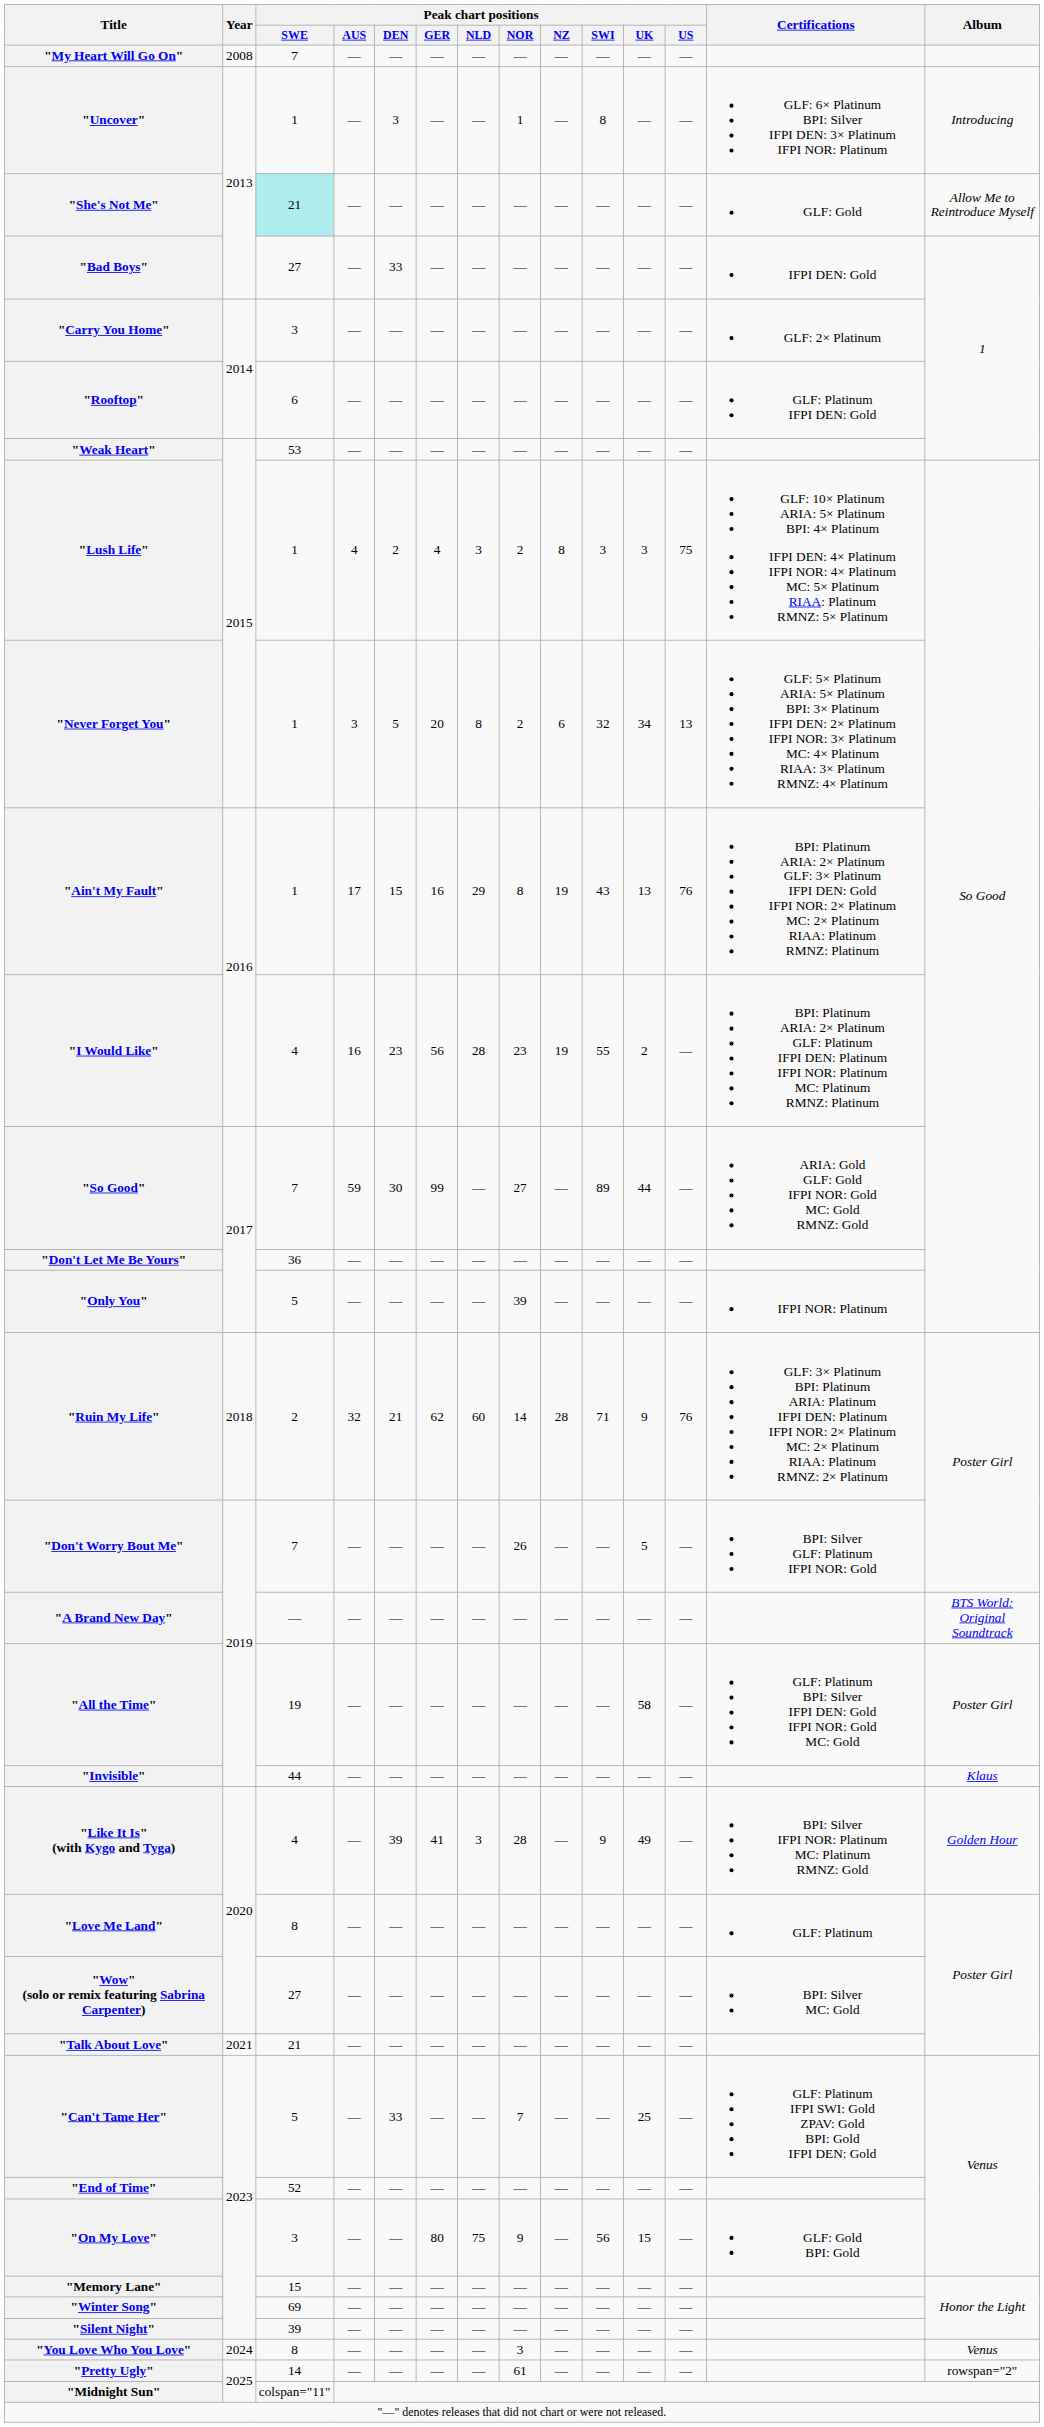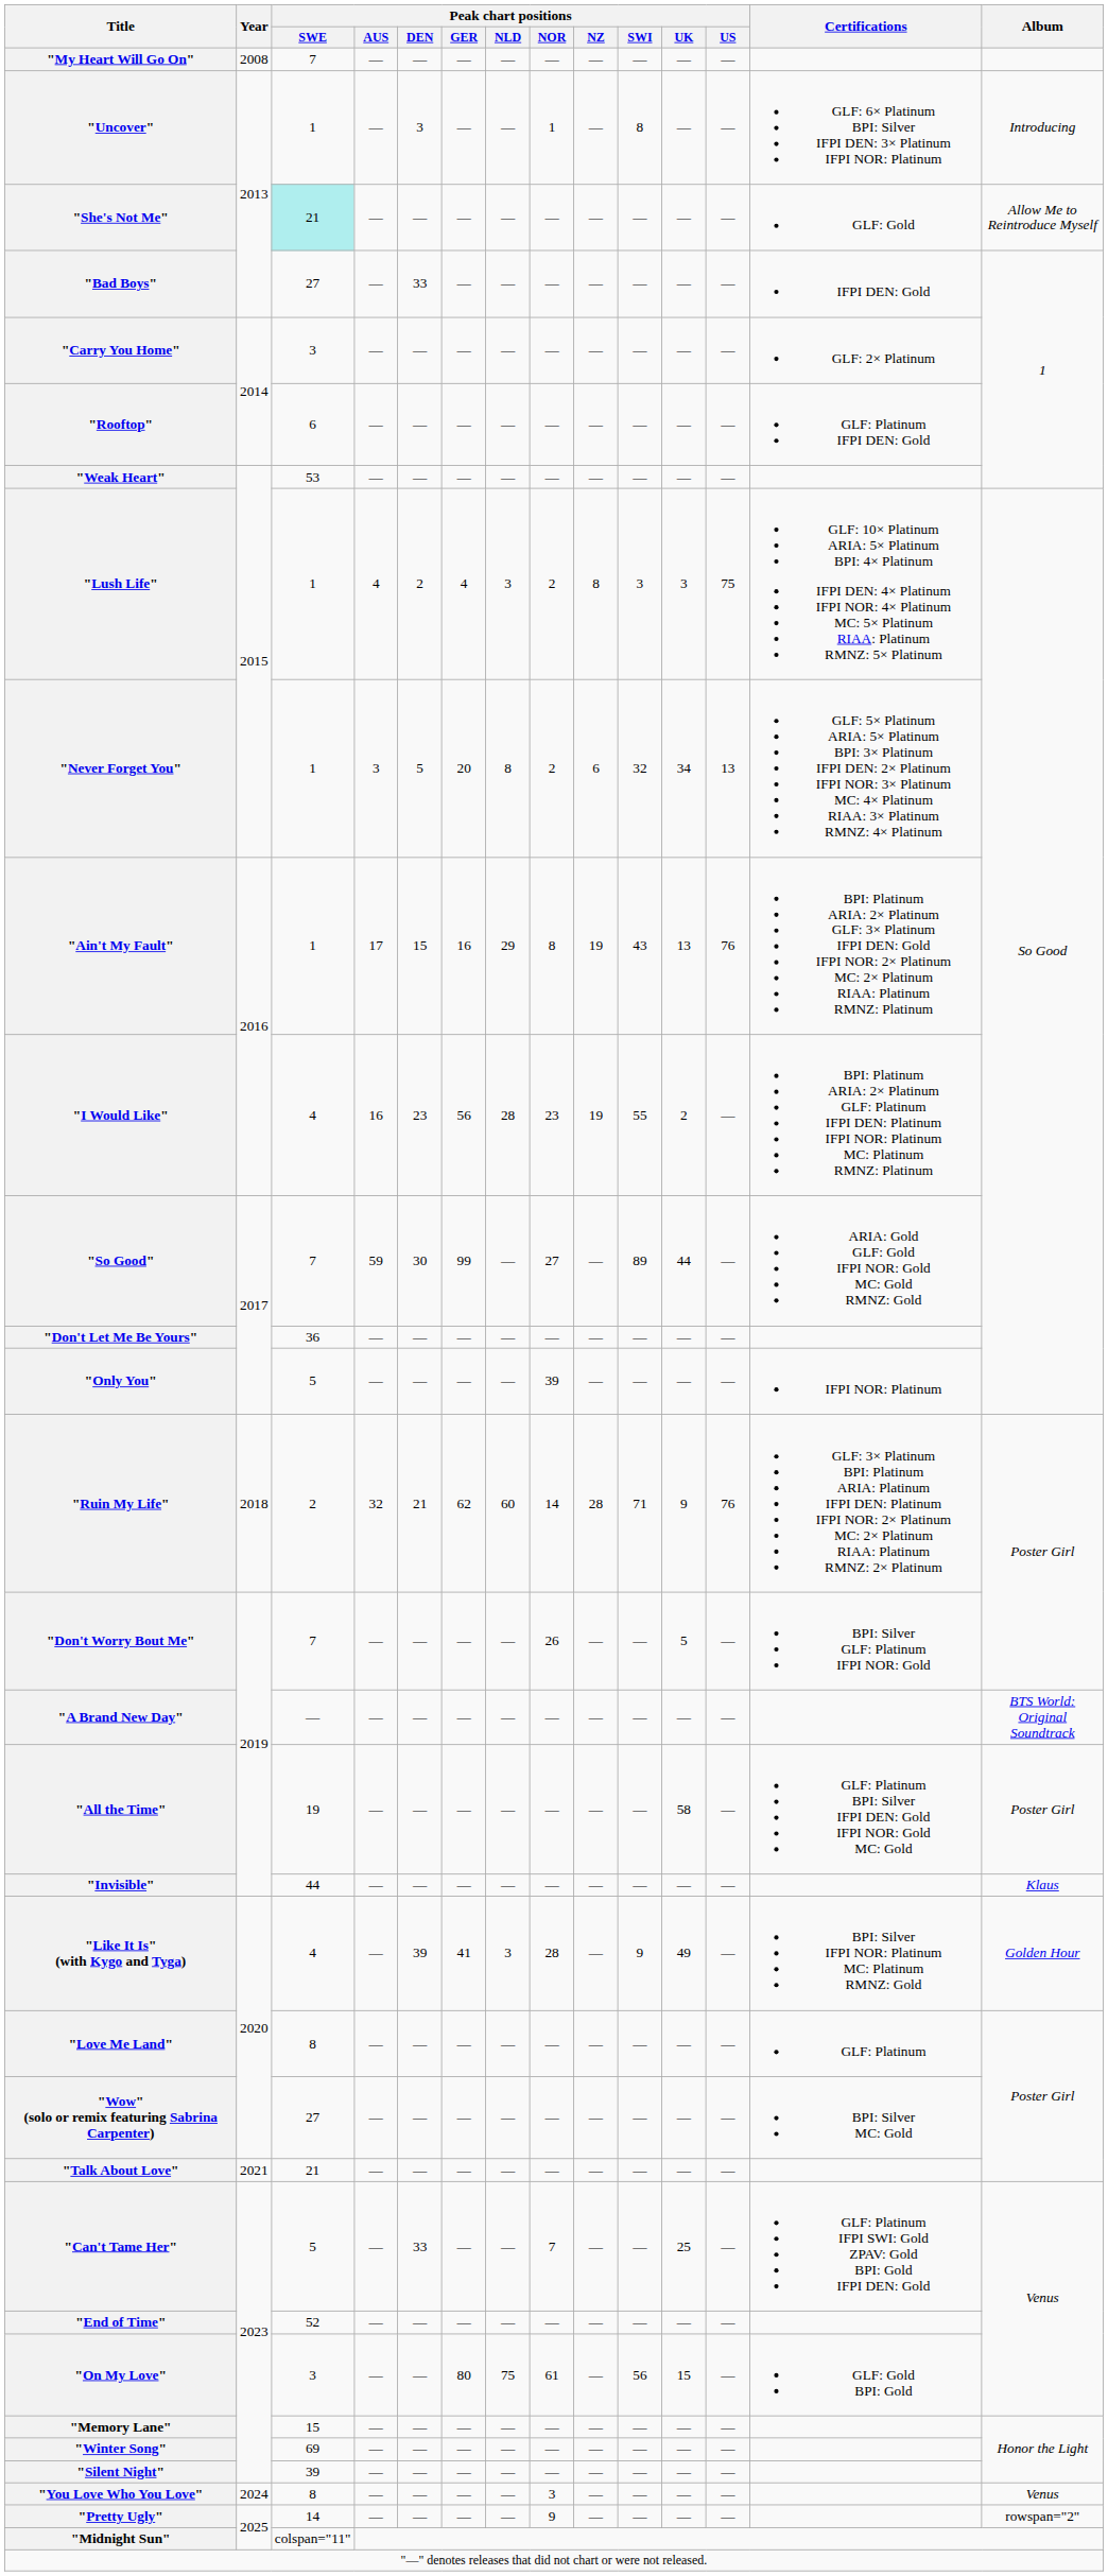 <table class="wikitable plainrowheaders" style="text-align:center;">
 <tr>
 <th scope="col" rowspan="2" style="width:16em;">Title</th>
 <th scope="col" rowspan="2" style="width:1em;">Year</th>
 <th scope="col" colspan="10">Peak chart positions</th>
 <th scope="col" rowspan="2"style="width:16em;"><a href='#'>Certifications</a></th>
 <th scope="col" rowspan="2">Album</th>
 </tr>
 <tr>
 <th scope="col" style="width:3em;font-size:90%;"><a href='#'>SWE</a><br></th>
 <th scope="col" style="width:3em;font-size:90%;"><a href='#'>AUS</a><br></th>
 <th scope="col" style="width:3em;font-size:90%;"><a href='#'>DEN</a><br></th>
 <th scope="col" style="width:3em;font-size:90%;"><a href='#'>GER</a><br></th>
 <th scope="col" style="width:3em;font-size:90%;"><a href='#'>NLD</a><br></th>
 <th scope="col" style="width:3em;font-size:90%;"><a href='#'>NOR</a><br></th>
 <th scope="col" style="width:3em;font-size:90%;"><a href='#'>NZ</a><br></th>
 <th scope="col" style="width:3em;font-size:90%;"><a href='#'>SWI</a><br></th>
 <th scope="col" style="width:3em;font-size:90%;"><a href='#'>UK</a><br></th>
 <th scope="col" style="width:3em;font-size:90%;"><a href='#'>US</a><br></th>
 </tr>
 <tr>
 <th scope="row">"<a href='#'>My Heart Will Go On</a>"</th>
 <td>2008</td>
 <td>7</td>
 <td>—</td>
 <td>—</td>
 <td>—</td>
 <td>—</td>
 <td>—</td>
 <td>—</td>
 <td>—</td>
 <td>—</td>
 <td>—</td>
 <td></td>
 <td></td>
 </tr>
 <tr>
 <th scope="row">"<a href='#'>Uncover</a>"</th>
 <td rowspan="3">2013</td>
 <td>1</td>
 <td>—</td>
 <td>3</td>
 <td>—</td>
 <td>—</td>
 <td>1</td>
 <td>—</td>
 <td>8</td>
 <td>—</td>
 <td>—</td>
 <td><br><ul><li>GLF: 6× Platinum</li><li>BPI: Silver</li><li>IFPI DEN: 3× Platinum</li><li>IFPI NOR: Platinum</li></ul></td>
 <td><em>Introducing</em></td>
 </tr>
 <tr>
 <th scope="row">"<a href='#'>She's Not Me</a>"</th>
 <td style="background: paleturquoise;">21</td>
 <td>—</td>
 <td>—</td>
 <td>—</td>
 <td>—</td>
 <td>—</td>
 <td>—</td>
 <td>—</td>
 <td>—</td>
 <td>—</td>
 <td><br><ul><li>GLF: Gold</li></ul></td>
 <td><em>Allow Me to Reintroduce Myself</em></td>
 </tr>
 <tr>
 <th scope="row">"<a href='#'>Bad Boys</a>"</th>
 <td>27</td>
 <td>—</td>
 <td>33</td>
 <td>—</td>
 <td>—</td>
 <td>—</td>
 <td>—</td>
 <td>—</td>
 <td>—</td>
 <td>—</td>
 <td><br><ul><li>IFPI DEN: Gold</li></ul></td>
 <td rowspan="4"><em>1</em></td>
 </tr>
 <tr>
 <th scope="row">"<a href='#'>Carry You Home</a>"</th>
 <td rowspan="2">2014</td>
 <td>3</td>
 <td>—</td>
 <td>—</td>
 <td>—</td>
 <td>—</td>
 <td>—</td>
 <td>—</td>
 <td>—</td>
 <td>—</td>
 <td>—</td>
 <td><br><ul><li>GLF: 2× Platinum</li></ul></td>
 </tr>
 <tr>
 <th scope="row">"<a href='#'>Rooftop</a>"</th>
 <td>6</td>
 <td>—</td>
 <td>—</td>
 <td>—</td>
 <td>—</td>
 <td>—</td>
 <td>—</td>
 <td>—</td>
 <td>—</td>
 <td>—</td>
 <td><br><ul><li>GLF: Platinum</li><li>IFPI DEN: Gold</li></ul></td>
 </tr>
 <tr>
 <th scope="row">"<a href='#'>Weak Heart</a>"</th>
 <td rowspan="3">2015</td>
 <td>53</td>
 <td>—</td>
 <td>—</td>
 <td>—</td>
 <td>—</td>
 <td>—</td>
 <td>—</td>
 <td>—</td>
 <td>—</td>
 <td>—</td>
 <td></td>
 </tr>
 <tr>
 <th scope="row">"<a href='#'>Lush Life</a>"</th>
 <td>1</td>
 <td>4</td>
 <td>2</td>
 <td>4</td>
 <td>3</td>
 <td>2</td>
 <td>8</td>
 <td>3</td>
 <td>3</td>
 <td>75</td>
 <td><br><ul><li>GLF: 10× Platinum</li><li>ARIA: 5× Platinum</li><li>BPI: 4× Platinum</li></ul><ul><li>IFPI DEN: 4× Platinum</li><li>IFPI NOR: 4× Platinum</li><li>MC: 5× Platinum</li><li><a href='#'>RIAA</a>: Platinum</li><li>RMNZ: 5× Platinum</li></ul></td>
 <td rowspan="7"><em>So Good</em></td>
 </tr>
 <tr>
 <th scope="row">"<a href='#'>Never Forget You</a>" <br></th>
 <td>1</td>
 <td>3</td>
 <td>5</td>
 <td>20</td>
 <td>8</td>
 <td>2</td>
 <td>6</td>
 <td>32</td>
 <td>34</td>
 <td>13</td>
 <td><br><ul><li>GLF: 5× Platinum</li><li>ARIA: 5× Platinum</li><li>BPI: 3× Platinum</li><li>IFPI DEN: 2× Platinum</li><li>IFPI NOR: 3× Platinum</li><li>MC: 4× Platinum</li><li>RIAA: 3× Platinum</li><li>RMNZ: 4× Platinum</li></ul></td>
 </tr>
 <tr>
 <th scope="row">"<a href='#'>Ain't My Fault</a>"</th>
 <td rowspan="2">2016</td>
 <td>1</td>
 <td>17</td>
 <td>15</td>
 <td>16</td>
 <td>29</td>
 <td>8</td>
 <td>19</td>
 <td>43</td>
 <td>13</td>
 <td>76</td>
 <td><br><ul><li>BPI: Platinum</li><li>ARIA: 2× Platinum</li><li>GLF: 3× Platinum</li><li>IFPI DEN: Gold</li><li>IFPI NOR: 2× Platinum</li><li>MC: 2× Platinum</li><li>RIAA: Platinum</li><li>RMNZ: Platinum</li></ul></td>
 </tr>
 <tr>
 <th scope="row">"<a href='#'>I Would Like</a>"</th>
 <td>4</td>
 <td>16</td>
 <td>23</td>
 <td>56</td>
 <td>28</td>
 <td>23</td>
 <td>19</td>
 <td>55</td>
 <td>2</td>
 <td>—</td>
 <td><br><ul><li>BPI: Platinum</li><li>ARIA: 2× Platinum</li><li>GLF: Platinum</li><li>IFPI DEN: Platinum</li><li>IFPI NOR: Platinum</li><li>MC: Platinum</li><li>RMNZ: Platinum</li></ul></td>
 </tr>
 <tr>
 <th scope="row">"<a href='#'>So Good</a>"<br></th>
 <td rowspan="3">2017</td>
 <td>7</td>
 <td>59</td>
 <td>30</td>
 <td>99</td>
 <td>—</td>
 <td>27</td>
 <td>—</td>
 <td>89</td>
 <td>44</td>
 <td>—</td>
 <td><br><ul><li>ARIA: Gold</li><li>GLF: Gold</li><li>IFPI NOR: Gold</li><li>MC: Gold</li><li>RMNZ: Gold</li></ul></td>
 </tr>
 <tr>
 <th scope="row">"<a href='#'>Don't Let Me Be Yours</a>"</th>
 <td>36</td>
 <td>—</td>
 <td>—</td>
 <td>—</td>
 <td>—</td>
 <td>—</td>
 <td>—</td>
 <td>—</td>
 <td>—</td>
 <td>—</td>
 <td></td>
 </tr>
 <tr>
 <th scope="row">"<a href='#'>Only You</a>"</th>
 <td>5</td>
 <td>—</td>
 <td>—</td>
 <td>—</td>
 <td>—</td>
 <td>39</td>
 <td>—</td>
 <td>—</td>
 <td>—</td>
 <td>—</td>
 <td><br><ul><li>IFPI NOR: Platinum</li></ul></td>
 </tr>
 <tr>
 <th scope="row">"<a href='#'>Ruin My Life</a>"</th>
 <td>2018</td>
 <td>2</td>
 <td>32</td>
 <td>21</td>
 <td>62</td>
 <td>60</td>
 <td>14</td>
 <td>28</td>
 <td>71</td>
 <td>9</td>
 <td>76</td>
 <td><br><ul><li>GLF: 3× Platinum</li><li>BPI: Platinum</li><li>ARIA: Platinum</li><li>IFPI DEN: Platinum</li><li>IFPI NOR: 2× Platinum</li><li>MC: 2× Platinum</li><li>RIAA: Platinum</li><li>RMNZ: 2× Platinum</li></ul></td>
 <td rowspan="2"><em>Poster Girl</em></td>
 </tr>
 <tr>
 <th scope="row">"<a href='#'>Don't Worry Bout Me</a>"</th>
 <td rowspan="4">2019</td>
 <td>7</td>
 <td>—</td>
 <td>—</td>
 <td>—</td>
 <td>—</td>
 <td>26</td>
 <td>—</td>
 <td>—</td>
 <td>5</td>
 <td>—</td>
 <td><br><ul><li>BPI: Silver</li><li>GLF: Platinum</li><li>IFPI NOR: Gold</li></ul></td>
 </tr>
 <tr>
 <th scope="row">"<a href='#'>A Brand New Day</a>"<br></th>
 <td>—</td>
 <td>—</td>
 <td>—</td>
 <td>—</td>
 <td>—</td>
 <td>—</td>
 <td>—</td>
 <td>—</td>
 <td>—</td>
 <td>—</td>
 <td></td>
 <td><em><a href='#'>BTS World: Original Soundtrack</a></em></td>
 </tr>
 <tr>
 <th scope="row">"<a href='#'>All the Time</a>"</th>
 <td>19</td>
 <td>—</td>
 <td>—</td>
 <td>—</td>
 <td>—</td>
 <td>—</td>
 <td>—</td>
 <td>—</td>
 <td>58</td>
 <td>—</td>
 <td><br><ul><li>GLF: Platinum</li><li>BPI: Silver</li><li>IFPI DEN: Gold</li><li>IFPI NOR: Gold</li><li>MC: Gold</li></ul></td>
 <td><em>Poster Girl</em></td>
 </tr>
 <tr>
 <th scope="row">"<a href='#'>Invisible</a>"</th>
 <td>44</td>
 <td>—</td>
 <td>—</td>
 <td>—</td>
 <td>—</td>
 <td>—</td>
 <td>—</td>
 <td>—</td>
 <td>—</td>
 <td>—</td>
 <td></td>
 <td><em><a href='#'>Klaus</a></em></td>
 </tr>
 <tr>
 <th scope="row">"<a href='#'>Like It Is</a>"<br><span>(with <a href='#'>Kygo</a> and <a href='#'>Tyga</a>)</span></th>
 <td rowspan="3">2020</td>
 <td>4</td>
 <td>—</td>
 <td>39</td>
 <td>41</td>
 <td>3</td>
 <td>28</td>
 <td>—</td>
 <td>9</td>
 <td>49</td>
 <td>—</td>
 <td><br><ul><li>BPI: Silver</li><li>IFPI NOR: Platinum</li><li>MC: Platinum</li><li>RMNZ: Gold</li></ul></td>
 <td><em><a href='#'>Golden Hour</a></em></td>
 </tr>
 <tr>
 <th scope="row">"<a href='#'>Love Me Land</a>"</th>
 <td>8</td>
 <td>—</td>
 <td>—</td>
 <td>—</td>
 <td>—</td>
 <td>—</td>
 <td>—</td>
 <td>—</td>
 <td>—</td>
 <td>—</td>
 <td><br><ul><li>GLF: Platinum</li></ul></td>
 <td rowspan="3"><em>Poster Girl</em></td>
 </tr>
 <tr>
 <th scope="row">"<a href='#'>Wow</a>"<br><span>(solo or remix featuring <a href='#'>Sabrina Carpenter</a>)</span></th>
 <td>27</td>
 <td>—</td>
 <td>—</td>
 <td>—</td>
 <td>—</td>
 <td>—</td>
 <td>—</td>
 <td>—</td>
 <td>—</td>
 <td>—</td>
 <td><br><ul><li>BPI: Silver</li><li>MC: Gold</li></ul></td>
 </tr>
 <tr>
 <th scope="row">"<a href='#'>Talk About Love</a>"<br></th>
 <td>2021</td>
 <td>21</td>
 <td>—</td>
 <td>—</td>
 <td>—</td>
 <td>—</td>
 <td>—</td>
 <td>—</td>
 <td>—</td>
 <td>—</td>
 <td>—</td>
 <td></td>
 </tr>
 <tr>
 <th scope="row">"<a href='#'>Can't Tame Her</a>"</th>
 <td rowspan="6">2023</td>
 <td>5</td>
 <td>—</td>
 <td>33</td>
 <td>—</td>
 <td>—</td>
 <td>7</td>
 <td>—</td>
 <td>—</td>
 <td>25</td>
 <td>—</td>
 <td><br><ul><li>GLF: Platinum</li><li>IFPI SWI: Gold</li><li>ZPAV: Gold</li><li>BPI: Gold</li><li>IFPI DEN: Gold</li></ul></td>
 <td rowspan="3"><em>Venus</em></td>
 </tr>
 <tr>
 <th scope="row">"<a href='#'>End of Time</a>"</th>
 <td>52</td>
 <td>—</td>
 <td>—</td>
 <td>—</td>
 <td>—</td>
 <td>—</td>
 <td>—</td>
 <td>—</td>
 <td>—</td>
 <td>—</td>
 <td></td>
 </tr>
 <tr>
 <th scope="row">"<a href='#'>On My Love</a>"<br></th>
 <td>3</td>
 <td>—</td>
 <td>—</td>
 <td>80</td>
 <td>75</td>
-<td>9</td>
+<td>61<br></td>
 <td>—</td>
 <td>56</td>
 <td>15</td>
 <td>—</td>
 <td><br><ul><li>GLF: Gold</li><li>BPI: Gold</li></ul></td>
 </tr>
 <tr>
 <th scope="row">"Memory Lane"</th>
 <td>15</td>
 <td>—</td>
 <td>—</td>
 <td>—</td>
 <td>—</td>
 <td>—</td>
 <td>—</td>
 <td>—</td>
 <td>—</td>
 <td>—</td>
 <td></td>
 <td rowspan="3"><em>Honor the Light</em></td>
 </tr>
 <tr>
 <th scope="row">"<a href='#'>Winter Song</a>"</th>
 <td>69</td>
 <td>—</td>
 <td>—</td>
 <td>—</td>
 <td>—</td>
 <td>—</td>
 <td>—</td>
 <td>—</td>
 <td>—</td>
 <td>—</td>
 <td></td>
 </tr>
 <tr>
 <th scope="row">"<a href='#'>Silent Night</a>"</th>
 <td>39</td>
 <td>—</td>
 <td>—</td>
 <td>—</td>
 <td>—</td>
 <td>—</td>
 <td>—</td>
 <td>—</td>
 <td>—</td>
 <td>—</td>
 <td></td>
 </tr>
 <tr>
 <th scope="row">"<a href='#'>You Love Who You Love</a>"</th>
 <td>2024</td>
 <td>8</td>
 <td>—</td>
 <td>—</td>
 <td>—</td>
 <td>—</td>
 <td>3</td>
 <td>—</td>
 <td>—</td>
 <td>—</td>
 <td>—</td>
 <td></td>
 <td><em>Venus</em></td>
 </tr>
 <tr>
 <th scope="row">"<a href='#'>Pretty Ugly</a>"</th>
 <td rowspan="2">2025</td>
 <td>14<br></td>
 <td>—</td>
 <td>—</td>
 <td>—</td>
 <td>—</td>
-<td>61<br></td>
+<td>9</td>
 <td>—</td>
 <td>—</td>
 <td>—</td>
 <td>—</td>
 <td></td>
 <td>rowspan="2" </td>
 </tr>
 <tr>
 <th scope="row">"Midnight Sun"</th>
 <td>colspan="11" </td>
 </tr>
 <tr>
 <td colspan="14" style="font-size:90%;">"—" denotes releases that did not chart or were not released.</td>
 </tr>
 </table>
